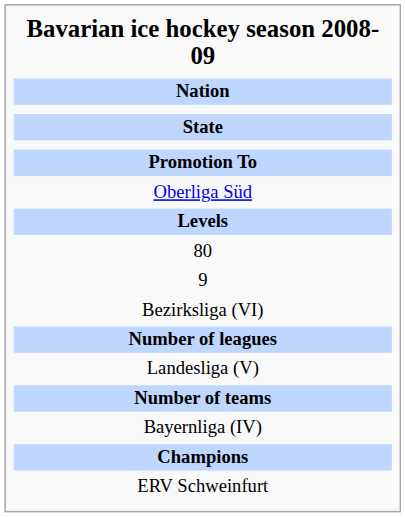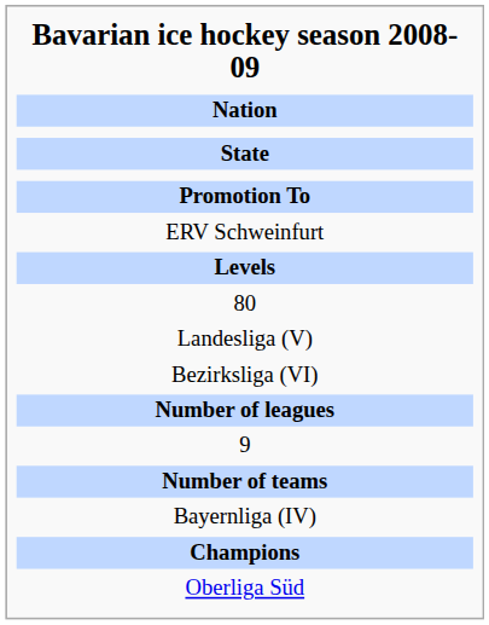 <table class="infobox football" style="width: 16em; text-align: center;">
 <tr>
 <th style="font-size: 16px;">Bavarian ice hockey season 2008-09</th>
 </tr>
 <tr>
 </tr>
 <tr>
 <td style="font-size: 12px; background: #BFD7FF;"><strong>Nation</strong></td>
 </tr>
 <tr>
 <td style="font-size: 12px;"></td>
 </tr>
 <tr>
 <td style="font-size: 12px; background: #BFD7FF;"><strong>State</strong></td>
 </tr>
 <tr>
 <td style="font-size: 12px;"></td>
 </tr>
 <tr>
 <td style="font-size: 12px; background: #BFD7FF;"><strong>Promotion To</strong></td>
 </tr>
 <tr>
-<td style="font-size: 12px;"><a href='#'>Oberliga Süd</a></td>
+<td style="font-size: 12px;">ERV Schweinfurt</td>
 </tr>
 <tr>
 <td style="font-size: 12px; background: #BFD7FF;"><strong>Levels</strong></td>
 </tr>
 <tr>
 <td style="font-size: 12px;">80</td>
 </tr>
 <tr>
-<td style="font-size: 12px;">9</td>
+<td style="font-size: 12px;">Landesliga (V)</td>
 </tr>
 <tr>
 <td style="font-size: 12px;">Bezirksliga (VI)</td>
 </tr>
 <tr>
 <td style="font-size: 12px; background: #BFD7FF;"><strong>Number of leagues</strong></td>
 </tr>
 <tr>
-<td style="font-size: 12px;">Landesliga (V)</td>
+<td style="font-size: 12px;">9</td>
 </tr>
 <tr>
 <td style="font-size: 12px; background: #BFD7FF;"><strong>Number of teams</strong></td>
 </tr>
 <tr>
 <td style="font-size: 12px;">Bayernliga (IV)</td>
 </tr>
 <tr>
 <td style="font-size: 12px; background: #BFD7FF;"><strong>Champions</strong></td>
 </tr>
 <tr>
-<td style="font-size: 12px;">ERV Schweinfurt</td>
+<td style="font-size: 12px;"><a href='#'>Oberliga Süd</a></td>
 </tr>
 <tr>
 </tr>
 </table>
